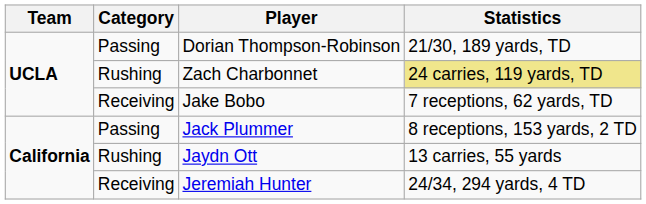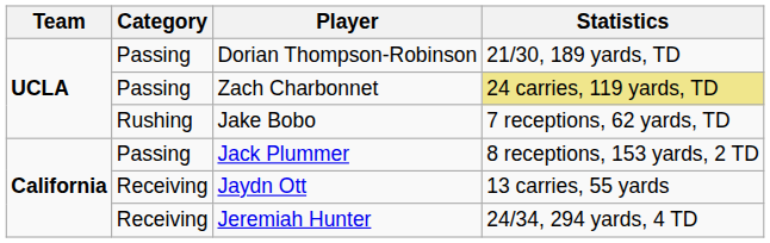 <table class="wikitable" style="float: right;">
 <tr>
 <th>Team</th>
 <th>Category</th>
 <th>Player</th>
 <th>Statistics</th>
 </tr>
 <tr>
 <td rowspan=3><strong>UCLA</strong></td>
 <td>Passing</td>
 <td>Dorian Thompson-Robinson</td>
 <td>21/30, 189 yards, TD</td>
 </tr>
 <tr>
-<td>Rushing</td>
+<td>Passing</td>
 <td>Zach Charbonnet</td>
 <td style="background: khaki;">24 carries, 119 yards, TD</td>
 </tr>
 <tr>
-<td>Receiving</td>
+<td>Rushing</td>
 <td>Jake Bobo</td>
 <td>7 receptions, 62 yards, TD</td>
 </tr>
 <tr>
 <td rowspan=3><strong>California</strong></td>
 <td>Passing</td>
 <td><a href='#'>Jack Plummer</a></td>
 <td>8 receptions, 153 yards, 2 TD</td>
 </tr>
 <tr>
-<td>Rushing</td>
+<td>Receiving</td>
 <td><a href='#'>Jaydn Ott</a></td>
 <td>13 carries, 55 yards</td>
 </tr>
 <tr>
 <td>Receiving</td>
 <td><a href='#'>Jeremiah Hunter</a></td>
 <td>24/34, 294 yards, 4 TD</td>
 </tr>
 </table>
